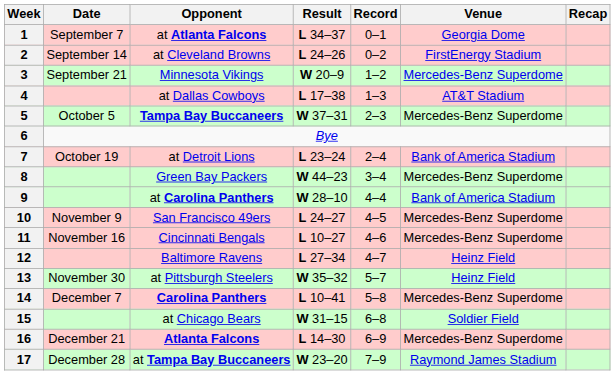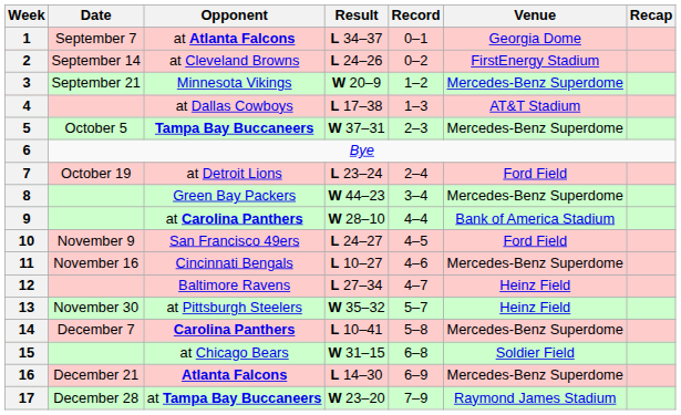 <table class="wikitable" style="text-align:center">
 <tr>
 <th>Week</th>
 <th>Date</th>
 <th>Opponent</th>
 <th>Result</th>
 <th>Record</th>
 <th>Venue</th>
 <th>Recap</th>
 </tr>
 <tr style="background:#fcc; text-align:center;">
 <th>1</th>
 <td>September 7</td>
 <td>at <strong><a href='#'>Atlanta Falcons</a></strong></td>
 <td><strong>L</strong> 34–37 </td>
 <td>0–1</td>
 <td><a href='#'>Georgia Dome</a></td>
 <td></td>
 </tr>
 <tr style="background:#fcc; text-align:center;">
 <th>2</th>
 <td>September 14</td>
 <td>at <a href='#'>Cleveland Browns</a></td>
 <td><strong>L</strong> 24–26</td>
 <td>0–2</td>
 <td><a href='#'>FirstEnergy Stadium</a></td>
 <td></td>
 </tr>
 <tr style="background:#cfc; text-align:center;">
 <th>3</th>
 <td>September 21</td>
 <td><a href='#'>Minnesota Vikings</a></td>
 <td><strong>W</strong> 20–9</td>
 <td>1–2</td>
 <td><a href='#'>Mercedes-Benz Superdome</a></td>
 <td></td>
 </tr>
 <tr style="background:#fcc; text-align:center;">
 <th>4</th>
 <td></td>
 <td>at <a href='#'>Dallas Cowboys</a></td>
 <td><strong>L</strong> 17–38</td>
 <td>1–3</td>
 <td><a href='#'>AT&T Stadium</a></td>
 <td></td>
 </tr>
 <tr style="background:#cfc; text-align:center;">
 <th>5</th>
 <td>October 5</td>
 <td><strong><a href='#'>Tampa Bay Buccaneers</a></strong></td>
 <td><strong>W</strong> 37–31 </td>
 <td>2–3</td>
 <td>Mercedes-Benz Superdome</td>
 <td></td>
 </tr>
 <tr>
 <th>6</th>
 <td colspan="6" style="text-align:center;"><em><a href='#'>Bye</a></em></td>
 </tr>
 <tr style="background:#fcc; text-align:center;">
 <th>7</th>
 <td>October 19</td>
 <td>at <a href='#'>Detroit Lions</a></td>
 <td><strong>L</strong> 23–24</td>
 <td>2–4</td>
-<td><a href='#'>Bank of America Stadium</a></td>
+<td><a href='#'>Ford Field</a></td>
 <td></td>
 </tr>
 <tr style="background:#cfc; text-align:center;">
 <th>8</th>
 <td></td>
 <td><a href='#'>Green Bay Packers</a></td>
 <td><strong>W</strong> 44–23</td>
 <td>3–4</td>
 <td>Mercedes-Benz Superdome</td>
 <td></td>
 </tr>
 <tr style="background:#cfc; text-align:center;">
 <th>9</th>
 <td></td>
 <td>at <strong><a href='#'>Carolina Panthers</a></strong></td>
 <td><strong>W</strong> 28–10</td>
 <td>4–4</td>
 <td><a href='#'>Bank of America Stadium</a></td>
 <td></td>
 </tr>
 <tr style="background:#fcc; text-align:center;">
 <th>10</th>
 <td>November 9</td>
 <td><a href='#'>San Francisco 49ers</a></td>
 <td><strong>L</strong> 24–27 </td>
 <td>4–5</td>
-<td>Mercedes-Benz Superdome</td>
+<td><a href='#'>Ford Field</a></td>
 <td></td>
 </tr>
 <tr style="background:#fcc; text-align:center;">
 <th>11</th>
 <td>November 16</td>
 <td><a href='#'>Cincinnati Bengals</a></td>
 <td><strong>L</strong> 10–27</td>
 <td>4–6</td>
 <td>Mercedes-Benz Superdome</td>
 <td></td>
 </tr>
 <tr style="background:#fcc; text-align:center;">
 <th>12</th>
 <td></td>
 <td><a href='#'>Baltimore Ravens</a></td>
 <td><strong>L</strong> 27–34</td>
 <td>4–7</td>
 <td><a href='#'>Heinz Field</a></td>
 <td></td>
 </tr>
 <tr style="background:#cfc; text-align:center;">
 <th>13</th>
 <td>November 30</td>
 <td>at <a href='#'>Pittsburgh Steelers</a></td>
 <td><strong>W</strong> 35–32</td>
 <td>5–7</td>
 <td><a href='#'>Heinz Field</a></td>
 <td></td>
 </tr>
 <tr style="background:#fcc; text-align:center;">
 <th>14</th>
 <td>December 7</td>
 <td><strong><a href='#'>Carolina Panthers</a></strong></td>
 <td><strong>L</strong> 10–41</td>
 <td>5–8</td>
 <td>Mercedes-Benz Superdome</td>
 <td></td>
 </tr>
 <tr style="background:#cfc; text-align:center;">
 <th>15</th>
 <td></td>
 <td>at <a href='#'>Chicago Bears</a></td>
 <td><strong>W</strong> 31–15</td>
 <td>6–8</td>
 <td><a href='#'>Soldier Field</a></td>
 <td></td>
 </tr>
 <tr style="background:#fcc; text-align:center;">
 <th>16</th>
 <td>December 21</td>
 <td><strong><a href='#'>Atlanta Falcons</a></strong></td>
 <td><strong>L</strong> 14–30</td>
 <td>6–9</td>
 <td>Mercedes-Benz Superdome</td>
 <td></td>
 </tr>
 <tr style="background:#cfc; text-align:center;">
 <th>17</th>
 <td>December 28</td>
 <td>at <strong><a href='#'>Tampa Bay Buccaneers</a></strong></td>
 <td><strong>W</strong> 23–20</td>
 <td>7–9</td>
 <td><a href='#'>Raymond James Stadium</a></td>
 <td></td>
 </tr>
 </table>
